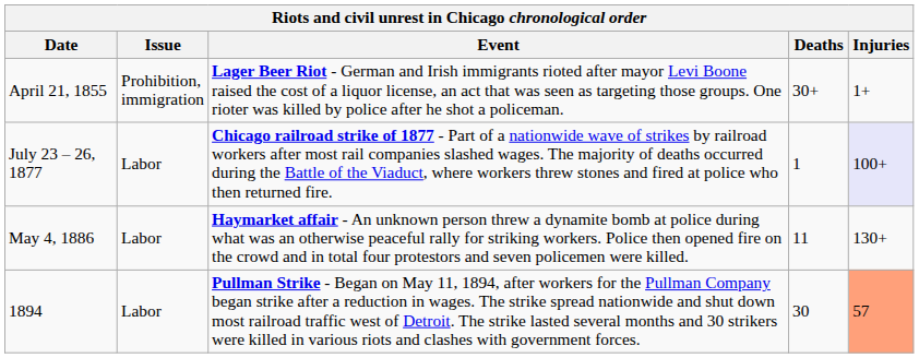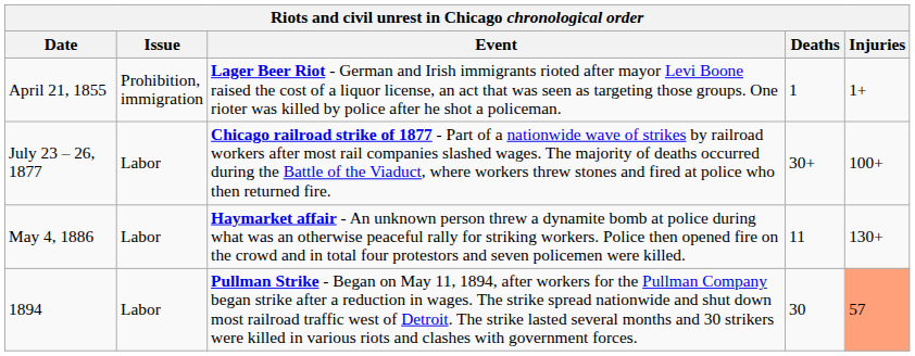 <table class="wikitable">
 <tr>
 <th align="center" colspan="5"><strong>Riots and civil unrest in Chicago</strong> <em>chronological order</em></th>
 </tr>
 <tr>
 <th scope="col" width="100">Date</th>
 <th scope="col" width="50">Issue</th>
 <th scope="col">Event</th>
 <th scope="col" width="50">Deaths</th>
 <th scope="col" width="50">Injuries</th>
 </tr>
 <tr>
 <td>April 21, 1855</td>
 <td>Prohibition, immigration</td>
 <td><strong><a href='#'>Lager Beer Riot</a></strong> - German and Irish immigrants rioted after mayor <a href='#'>Levi Boone</a> raised the cost of a liquor license, an act that was seen as targeting those groups. One rioter was killed by police after he shot a policeman.</td>
-<td>30+</td>
+<td>1</td>
 <td>1+</td>
 </tr>
 <tr>
 <td>July 23 – 26, 1877</td>
 <td>Labor</td>
 <td><strong><a href='#'>Chicago railroad strike of 1877</a></strong> - Part of a <a href='#'>nationwide wave of strikes</a> by railroad workers after most rail companies slashed wages. The majority of deaths occurred during the <a href='#'>Battle of the Viaduct</a>, where workers threw stones and fired at police who then returned fire.</td>
-<td>1</td>
-<td style="background: lavender;">100+</td>
+<td>30+</td>
+<td>100+</td>
 </tr>
 <tr>
 <td>May 4, 1886</td>
 <td>Labor</td>
 <td><strong><a href='#'>Haymarket affair</a></strong> - An unknown person threw a dynamite bomb at police during what was an otherwise peaceful rally for striking workers. Police then opened fire on the crowd and in total four protestors and seven policemen were killed.</td>
 <td>11</td>
 <td>130+</td>
 </tr>
 <tr>
 <td>1894</td>
 <td>Labor</td>
 <td><strong><a href='#'>Pullman Strike</a></strong> - Began on May 11, 1894, after workers for the <a href='#'>Pullman Company</a> began strike after a reduction in wages. The strike spread nationwide and shut down most railroad traffic west of <a href='#'>Detroit</a>. The strike lasted several months and 30 strikers were killed in various riots and clashes with government forces.</td>
 <td>30</td>
 <td style="background: lightsalmon;">57</td>
 </tr>
 </table>
